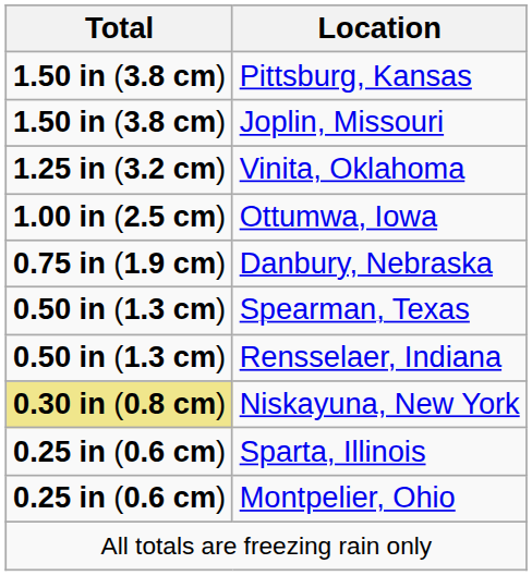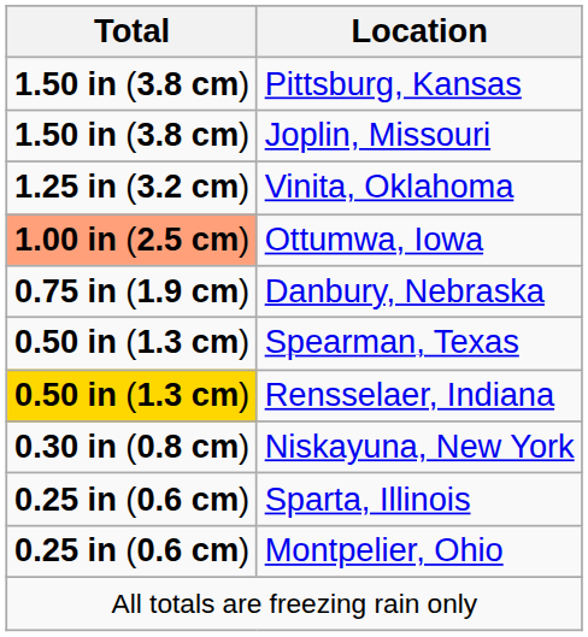 <table class="wikitable" style="margin:0 0 0.5em 1em;float:right;clear:right;">
 <tr>
 <th>Total</th>
 <th>Location</th>
 </tr>
 <tr>
 <td><strong>1.50 in</strong> (<strong>3.8 cm</strong>)</td>
 <td><a href='#'>Pittsburg, Kansas</a></td>
 </tr>
 <tr>
 <td><strong>1.50 in</strong> (<strong>3.8 cm</strong>)</td>
 <td><a href='#'>Joplin, Missouri</a></td>
 </tr>
 <tr>
 <td><strong>1.25 in</strong> (<strong>3.2 cm</strong>)</td>
 <td><a href='#'>Vinita, Oklahoma</a></td>
 </tr>
 <tr>
-<td><strong>1.00 in</strong> (<strong>2.5 cm</strong>)</td>
+<td style="background: lightsalmon;"><strong>1.00 in</strong> (<strong>2.5 cm</strong>)</td>
 <td><a href='#'>Ottumwa, Iowa</a></td>
 </tr>
 <tr>
 <td><strong>0.75 in</strong> (<strong>1.9 cm</strong>)</td>
 <td><a href='#'>Danbury, Nebraska</a></td>
 </tr>
 <tr>
 <td><strong>0.50 in</strong> (<strong>1.3 cm</strong>)</td>
 <td><a href='#'>Spearman, Texas</a></td>
 </tr>
 <tr>
-<td><strong>0.50 in</strong> (<strong>1.3 cm</strong>)</td>
+<td style="background: gold;"><strong>0.50 in</strong> (<strong>1.3 cm</strong>)</td>
 <td><a href='#'>Rensselaer, Indiana</a></td>
 </tr>
 <tr>
-<td style="background: khaki;"><strong>0.30 in</strong> (<strong>0.8 cm</strong>)</td>
+<td><strong>0.30 in</strong> (<strong>0.8 cm</strong>)</td>
 <td><a href='#'>Niskayuna, New York</a></td>
 </tr>
 <tr>
 <td><strong>0.25 in</strong> (<strong>0.6 cm</strong>)</td>
 <td><a href='#'>Sparta, Illinois</a></td>
 </tr>
 <tr>
 <td><strong>0.25 in</strong> (<strong>0.6 cm</strong>)</td>
 <td><a href='#'>Montpelier, Ohio</a></td>
 </tr>
 <tr>
 <td colspan="2" style="text-align:center;"><small>All totals are freezing rain only</small></td>
 </tr>
 </table>
